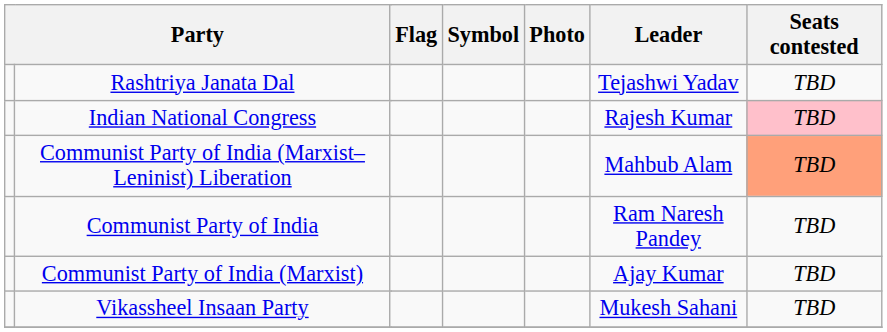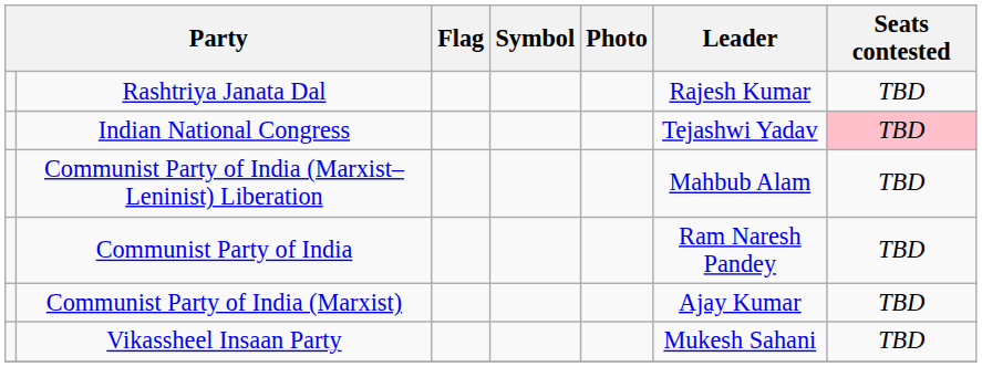 <table class="wikitable" width="50%" style="text-align:center;">
 <tr>
 <th colspan="4">Party</th>
 <th>Flag</th>
 <th>Symbol</th>
 <th>Photo</th>
 <th>Leader</th>
 <th>Seats contested</th>
 </tr>
 <tr>
 <td></td>
 <td colspan="3"><a href='#'>Rashtriya Janata Dal</a></td>
 <td></td>
 <td></td>
 <td></td>
-<td><a href='#'>Tejashwi Yadav</a></td>
+<td><a href='#'>Rajesh Kumar</a></td>
 <td><em>TBD</em></td>
 </tr>
 <tr>
 <td></td>
 <td colspan="3"><a href='#'>Indian National Congress</a></td>
 <td></td>
 <td></td>
 <td></td>
-<td><a href='#'>Rajesh Kumar</a></td>
+<td><a href='#'>Tejashwi Yadav</a></td>
 <td style="background: pink;"><em>TBD</em></td>
 </tr>
 <tr>
 <td></td>
 <td colspan="3"><a href='#'>Communist Party of India (Marxist–Leninist) Liberation</a></td>
 <td></td>
 <td></td>
 <td></td>
 <td><a href='#'>Mahbub Alam</a></td>
-<td style="background: lightsalmon;"><em>TBD</em></td>
+<td><em>TBD</em></td>
 </tr>
 <tr>
 <td></td>
 <td colspan="3"><a href='#'>Communist Party of India</a></td>
 <td></td>
 <td></td>
 <td></td>
 <td><a href='#'>Ram Naresh Pandey</a></td>
 <td><em>TBD</em></td>
 </tr>
 <tr>
 <td></td>
 <td colspan="3"><a href='#'>Communist Party of India (Marxist)</a></td>
 <td></td>
 <td></td>
 <td></td>
 <td><a href='#'>Ajay Kumar</a></td>
 <td><em>TBD</em></td>
 </tr>
 <tr>
 <td></td>
 <td colspan="3"><a href='#'>Vikassheel Insaan Party</a></td>
 <td></td>
 <td></td>
 <td></td>
 <td><a href='#'>Mukesh Sahani</a></td>
 <td><em>TBD</em></td>
 </tr>
 <tr>
 </tr>
 </table>
